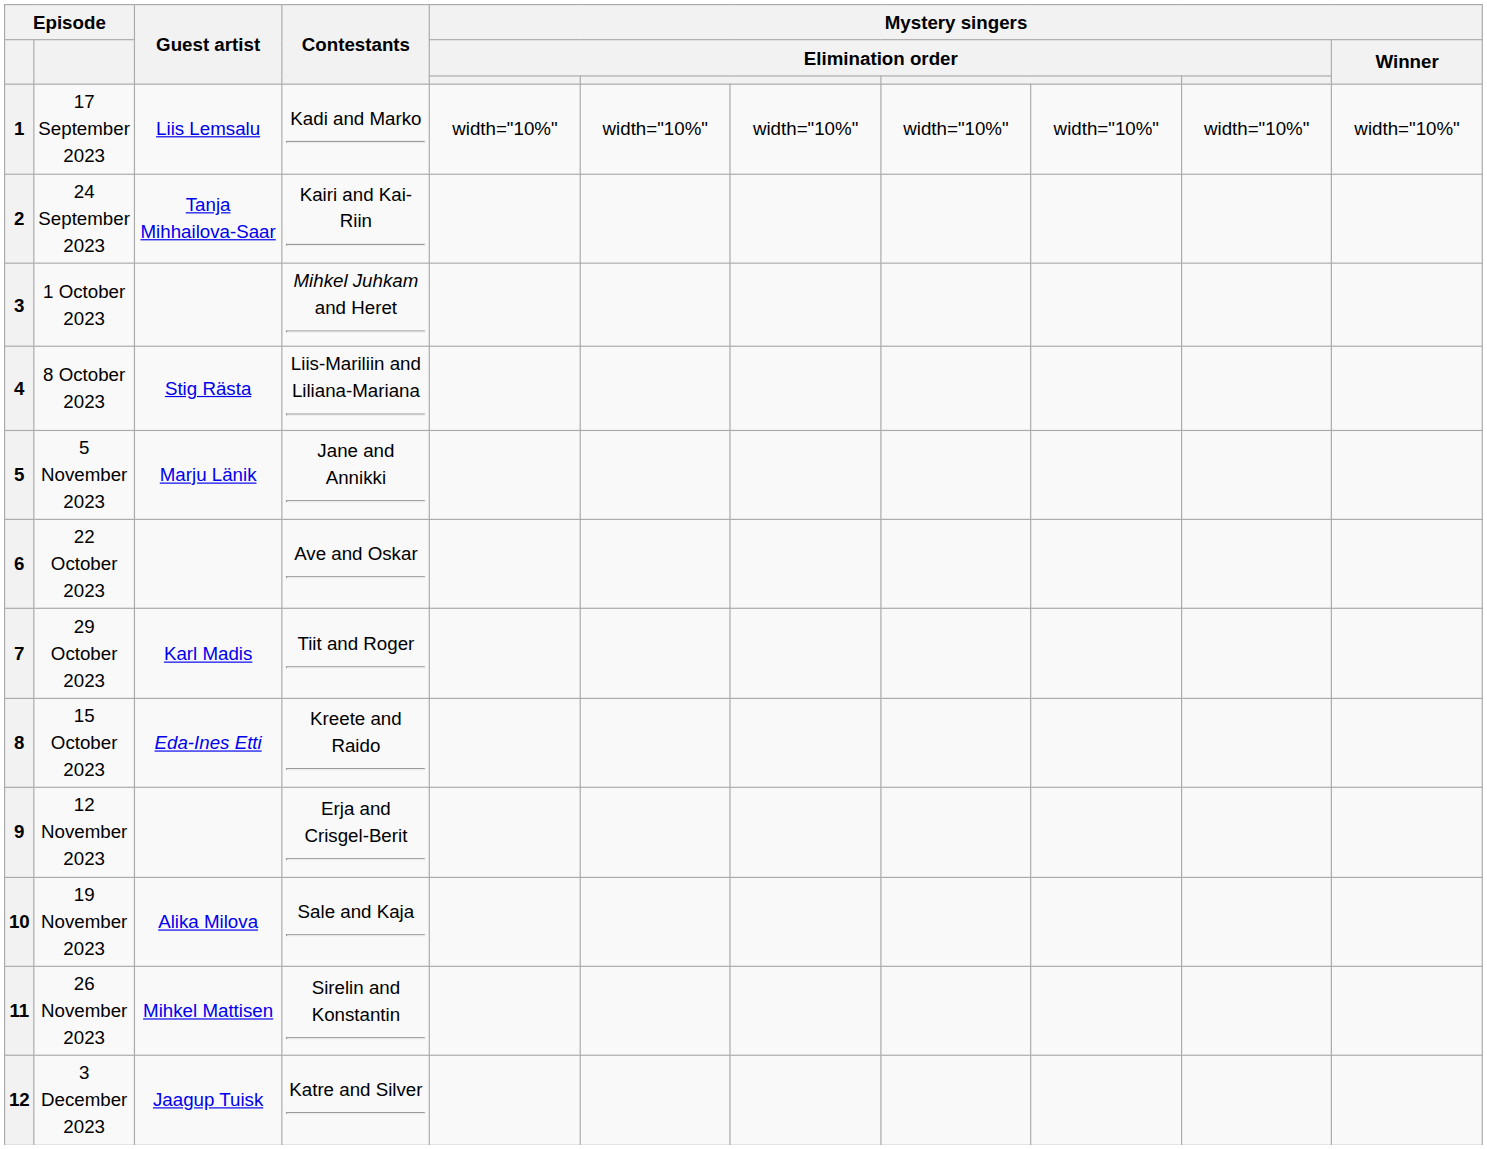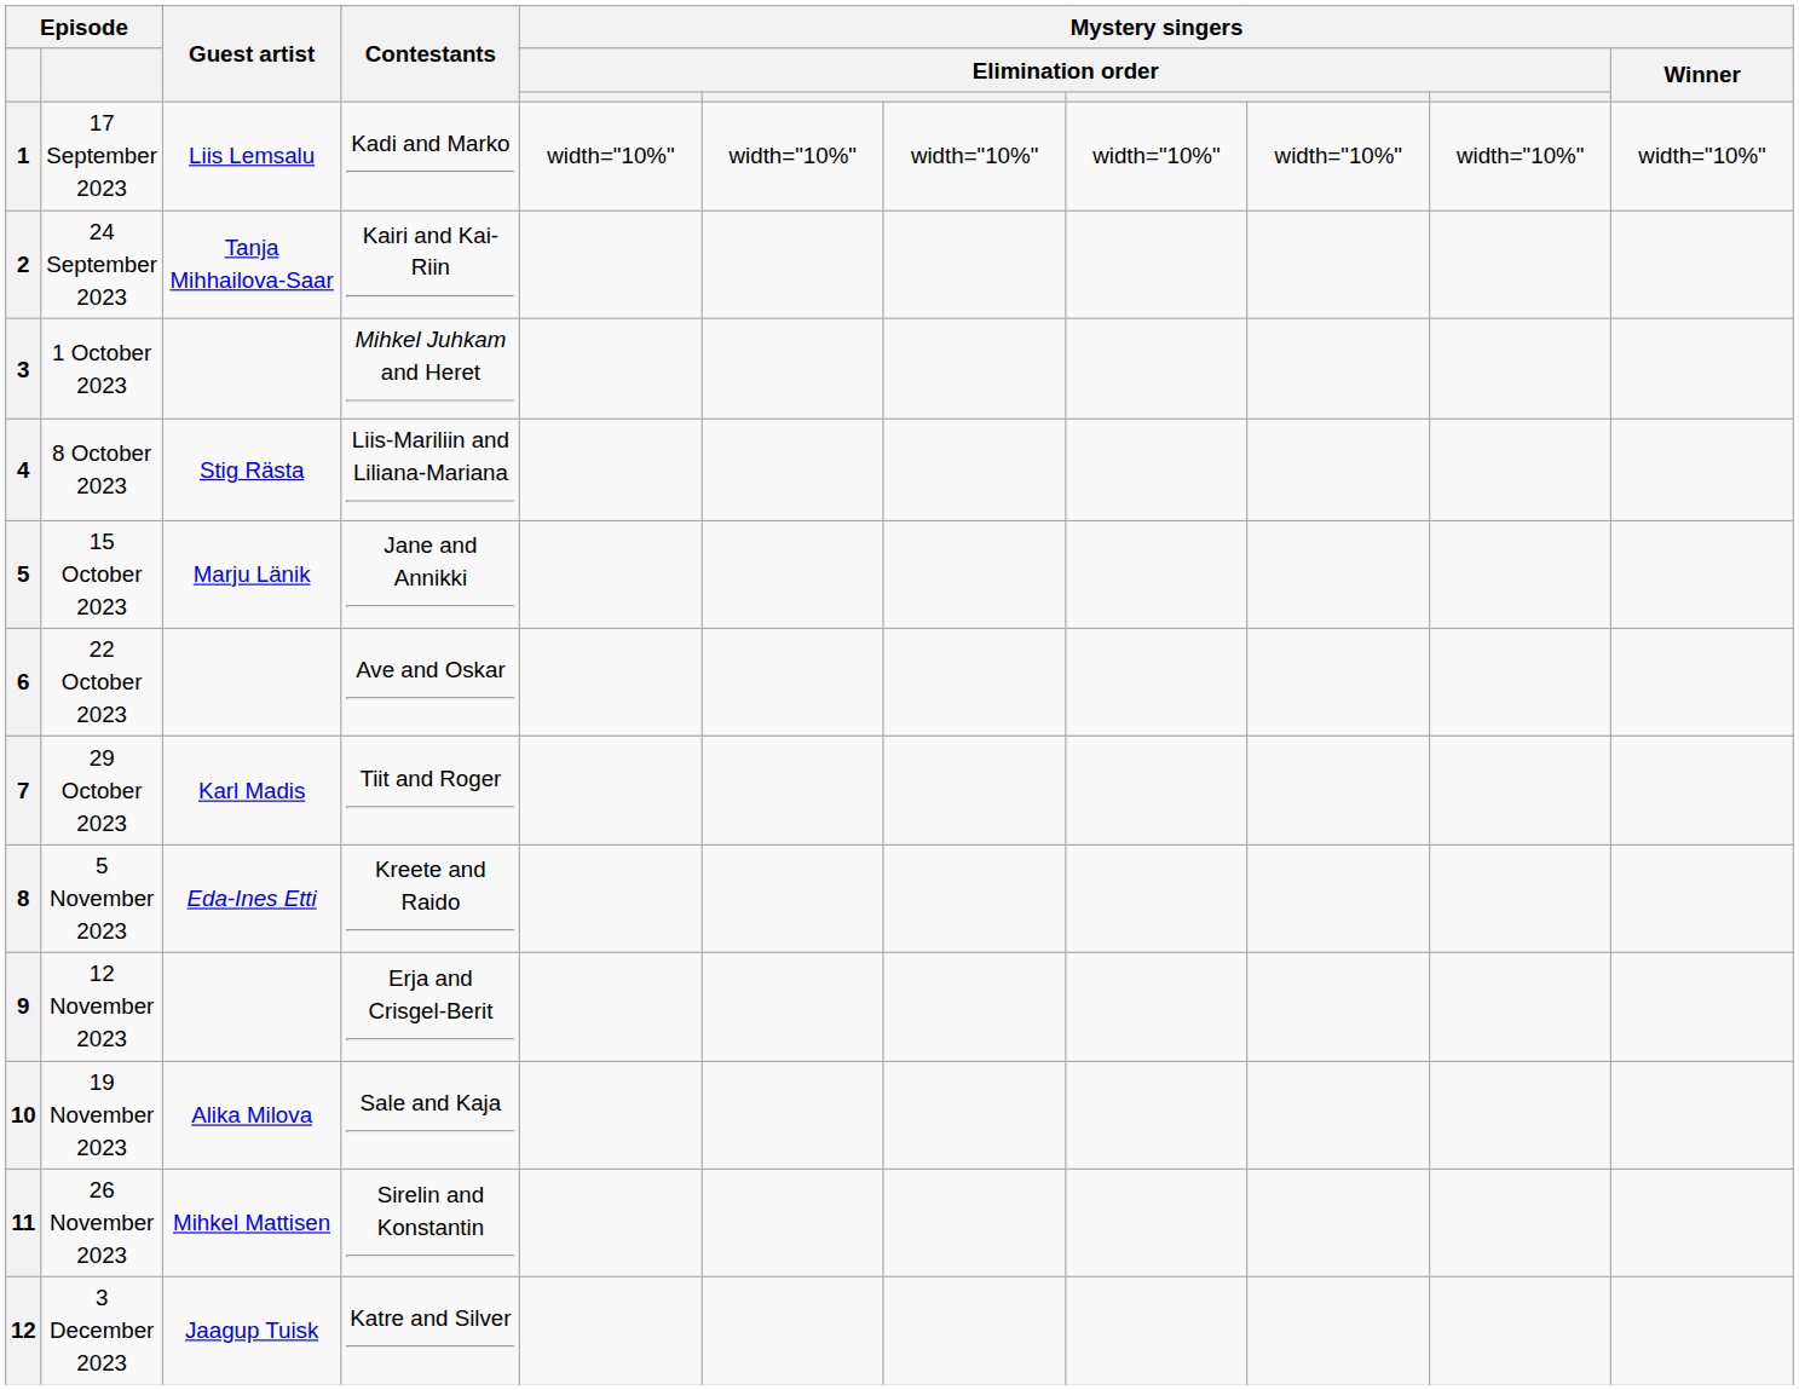 <table class="wikitable plainrowheaders mw-collapsible" style="text-align:center; line-height:23px; width:100%;">
 <tr>
 <th colspan="2" width="1%">Episode</th>
 <th rowspan="3" width="10%">Guest artist</th>
 <th rowspan="3" width="10%">Contestants</th>
 <th colspan="7">Mystery singers<br></th>
 </tr>
 <tr>
 <th rowspan="2"></th>
 <th rowspan="2"></th>
 <th colspan="6">Elimination order</th>
 <th rowspan="2">Winner</th>
 </tr>
 <tr>
 <th></th>
 <th colspan="2"></th>
 <th colspan="2"></th>
 <th></th>
 </tr>
 <tr>
 <th>1</th>
 <td>17 September 2023</td>
 <td><a href='#'>Liis Lemsalu</a><br></td>
 <td>Kadi and Marko<hr></td>
 <td>width="10%" </td>
 <td>width="10%" </td>
 <td>width="10%" </td>
 <td>width="10%" </td>
 <td>width="10%" </td>
 <td>width="10%" </td>
 <td>width="10%" </td>
 </tr>
 <tr>
 <th>2</th>
 <td>24 September 2023</td>
 <td><a href='#'>Tanja Mihhailova-Saar</a><br></td>
 <td>Kairi and Kai-Riin<hr></td>
 <td></td>
 <td></td>
 <td></td>
 <td></td>
 <td></td>
 <td></td>
 <td></td>
 </tr>
 <tr>
 <th>3</th>
 <td>1 October 2023</td>
 <td><br></td>
 <td><em>Mihkel Juhkam</em> and Heret<hr></td>
 <td></td>
 <td></td>
 <td></td>
 <td></td>
 <td></td>
 <td></td>
 <td></td>
 </tr>
 <tr>
 <th>4</th>
 <td>8 October 2023</td>
 <td><a href='#'>Stig Rästa</a><br></td>
 <td>Liis-Mariliin and Liliana-Mariana<hr></td>
 <td></td>
 <td></td>
 <td></td>
 <td></td>
 <td></td>
 <td></td>
 <td></td>
 </tr>
 <tr>
 <th>5</th>
-<td>5 November 2023</td>
+<td>15 October 2023</td>
 <td><a href='#'>Marju Länik</a><br></td>
 <td>Jane and Annikki<hr></td>
 <td></td>
 <td></td>
 <td></td>
 <td></td>
 <td></td>
 <td></td>
 <td></td>
 </tr>
 <tr>
 <th>6</th>
 <td>22 October 2023</td>
 <td><br></td>
 <td>Ave and Oskar<hr></td>
 <td></td>
 <td></td>
 <td></td>
 <td></td>
 <td></td>
 <td></td>
 <td></td>
 </tr>
 <tr>
 <th>7</th>
 <td>29 October 2023</td>
 <td><a href='#'>Karl Madis</a><br></td>
 <td>Tiit and Roger<hr></td>
 <td></td>
 <td></td>
 <td></td>
 <td></td>
 <td></td>
 <td></td>
 <td></td>
 </tr>
 <tr>
 <th>8</th>
-<td>15 October 2023</td>
+<td>5 November 2023</td>
 <td><em><a href='#'>Eda-Ines Etti</a></em><br></td>
 <td>Kreete and Raido<hr></td>
 <td></td>
 <td></td>
 <td></td>
 <td></td>
 <td></td>
 <td></td>
 <td></td>
 </tr>
 <tr>
 <th>9</th>
 <td>12 November 2023</td>
 <td><br></td>
 <td>Erja and Crisgel-Berit<hr></td>
 <td></td>
 <td></td>
 <td></td>
 <td></td>
 <td></td>
 <td></td>
 <td></td>
 </tr>
 <tr>
 <th>10</th>
 <td>19 November 2023</td>
 <td><a href='#'>Alika Milova</a><br></td>
 <td>Sale and Kaja<hr></td>
 <td></td>
 <td></td>
 <td></td>
 <td></td>
 <td></td>
 <td></td>
 <td></td>
 </tr>
 <tr>
 <th>11</th>
 <td>26 November 2023</td>
 <td><a href='#'>Mihkel Mattisen</a></td>
 <td>Sirelin and Konstantin<hr></td>
 <td></td>
 <td></td>
 <td></td>
 <td></td>
 <td></td>
 <td></td>
 <td></td>
 </tr>
 <tr>
 <th>12</th>
 <td>3 December 2023</td>
 <td><a href='#'>Jaagup Tuisk</a></td>
 <td>Katre and Silver<hr></td>
 <td></td>
 <td></td>
 <td></td>
 <td></td>
 <td></td>
 <td></td>
 <td></td>
 </tr>
 </table>
